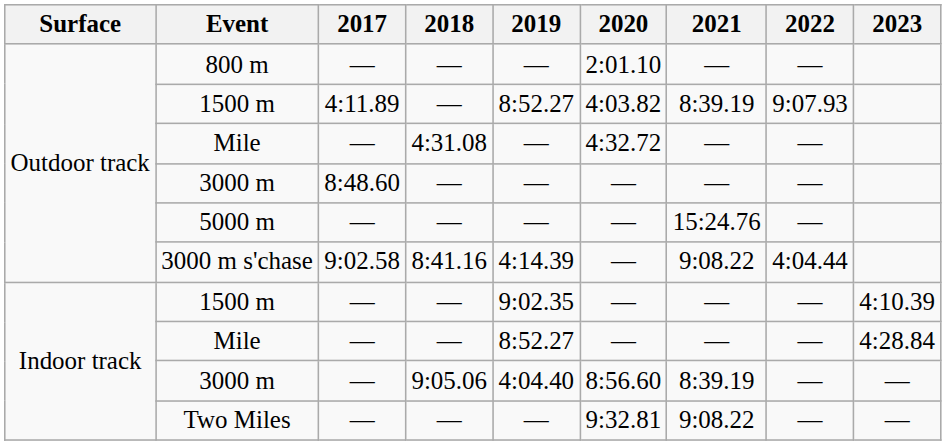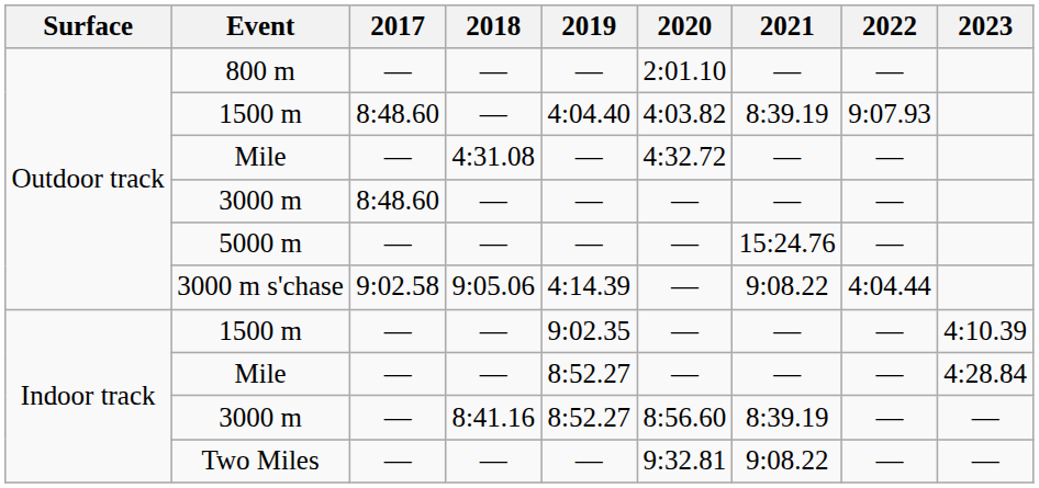 <table class=wikitable style="text-align: center;">
 <tr>
 <th>Surface</th>
 <th>Event</th>
 <th>2017</th>
 <th>2018</th>
 <th>2019</th>
 <th>2020</th>
 <th>2021</th>
 <th>2022</th>
 <th>2023</th>
 </tr>
 <tr>
 <td rowspan=6>Outdoor track</td>
 <td>800 m</td>
 <td>—</td>
 <td>—</td>
 <td>—</td>
 <td>2:01.10</td>
 <td>—</td>
 <td>—</td>
 <td></td>
 </tr>
 <tr>
 <td>1500 m</td>
-<td>4:11.89</td>
+<td>8:48.60</td>
 <td>—</td>
-<td>8:52.27</td>
+<td>4:04.40</td>
 <td>4:03.82</td>
 <td>8:39.19</td>
 <td>9:07.93</td>
 <td></td>
 </tr>
 <tr>
 <td>Mile</td>
 <td>—</td>
 <td>4:31.08</td>
 <td>—</td>
 <td>4:32.72</td>
 <td>—</td>
 <td>—</td>
 <td></td>
 </tr>
 <tr>
 <td>3000 m</td>
 <td>8:48.60</td>
 <td>—</td>
 <td>—</td>
 <td>—</td>
 <td>—</td>
 <td>—</td>
 <td></td>
 </tr>
 <tr>
 <td>5000 m</td>
 <td>—</td>
 <td>—</td>
 <td>—</td>
 <td>—</td>
 <td>15:24.76</td>
 <td>—</td>
 <td></td>
 </tr>
 <tr>
 <td>3000 m s'chase</td>
 <td>9:02.58</td>
-<td>8:41.16</td>
+<td>9:05.06</td>
 <td>4:14.39</td>
 <td>—</td>
 <td>9:08.22</td>
 <td>4:04.44</td>
 <td></td>
 </tr>
 <tr>
 <td rowspan=4>Indoor track</td>
 <td>1500 m</td>
 <td>—</td>
 <td>—</td>
 <td>9:02.35</td>
 <td>—</td>
 <td>—</td>
 <td>—</td>
 <td>4:10.39</td>
 </tr>
 <tr>
 <td>Mile</td>
 <td>—</td>
 <td>—</td>
 <td>8:52.27</td>
 <td>—</td>
 <td>—</td>
 <td>—</td>
 <td>4:28.84</td>
 </tr>
 <tr>
 <td>3000 m</td>
 <td>—</td>
-<td>9:05.06</td>
-<td>4:04.40</td>
+<td>8:41.16</td>
+<td>8:52.27</td>
 <td>8:56.60</td>
 <td>8:39.19</td>
 <td>—</td>
 <td>—</td>
 </tr>
 <tr>
 <td>Two Miles</td>
 <td>—</td>
 <td>—</td>
 <td>—</td>
 <td>9:32.81</td>
 <td>9:08.22</td>
 <td>—</td>
 <td>—</td>
 </tr>
 </table>
